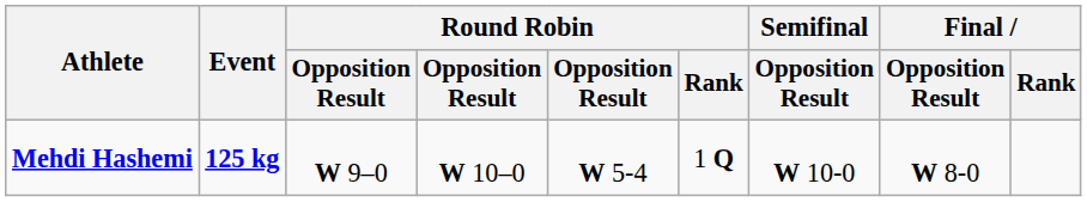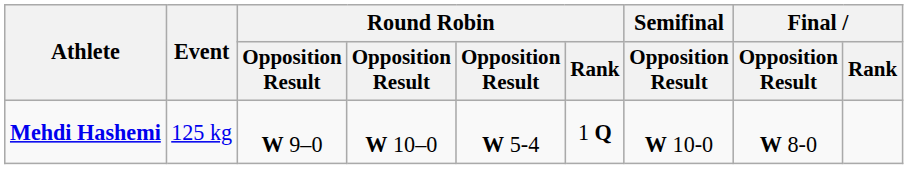 <table class=wikitable style=font-size:90%;text-align:center>
 <tr>
 <th rowspan=2>Athlete</th>
 <th rowspan=2>Event</th>
 <th colspan=4>Round Robin</th>
 <th>Semifinal</th>
 <th colspan=2>Final / </th>
 </tr>
 <tr style=font-size:95%>
 <th>Opposition<br>Result</th>
 <th>Opposition<br>Result</th>
 <th>Opposition<br>Result</th>
 <th>Rank</th>
 <th>Opposition<br>Result</th>
 <th>Opposition<br>Result</th>
 <th>Rank</th>
 </tr>
 <tr>
 <td align=left><strong><a href='#'>Mehdi Hashemi</a></strong></td>
-<td align=left><strong><a href='#'>125 kg</a></strong></td>
+<td align=left><a href='#'>125 kg</a></td>
 <td><br><strong>W</strong> 9–0</td>
 <td><br><strong>W</strong> 10–0</td>
 <td><br><strong>W</strong> 5-4</td>
 <td>1 <strong>Q</strong></td>
 <td><br><strong>W</strong> 10-0</td>
 <td><br><strong>W</strong> 8-0</td>
 <td></td>
 </tr>
 </table>
